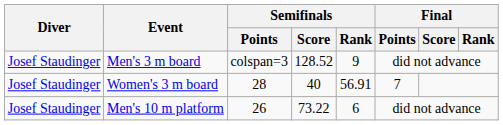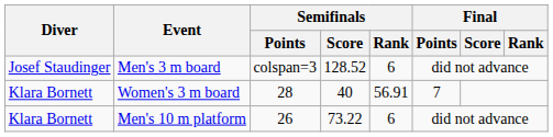 <table class=wikitable style="font-size:90%">
 <tr>
 <th rowspan=2>Diver</th>
 <th rowspan=2>Event</th>
 <th colspan=3>Semifinals</th>
 <th colspan=3>Final</th>
 </tr>
 <tr>
 <th>Points</th>
 <th>Score</th>
 <th>Rank</th>
 <th>Points</th>
 <th>Score</th>
 <th>Rank</th>
 </tr>
 <tr>
 <td><a href='#'>Josef Staudinger</a></td>
 <td><a href='#'>Men's 3 m board</a></td>
 <td>colspan=3 </td>
 <td align=center>128.52</td>
-<td align=center>9</td>
+<td align=center>6</td>
 <td align=center colspan=3>did not advance</td>
 </tr>
 <tr>
-<td><a href='#'>Josef Staudinger</a></td>
+<td><a href='#'>Klara Bornett</a></td>
 <td><a href='#'>Women's 3 m board</a></td>
 <td align=center>28</td>
 <td align=center>40</td>
 <td align=center>56.91</td>
 <td align=center>7</td>
 </tr>
 <tr>
-<td><a href='#'>Josef Staudinger</a></td>
+<td><a href='#'>Klara Bornett</a></td>
 <td><a href='#'>Men's 10 m platform</a></td>
 <td align=center>26</td>
 <td align=center>73.22</td>
 <td align=center>6</td>
 <td align=center colspan=3>did not advance</td>
 </tr>
 </table>
